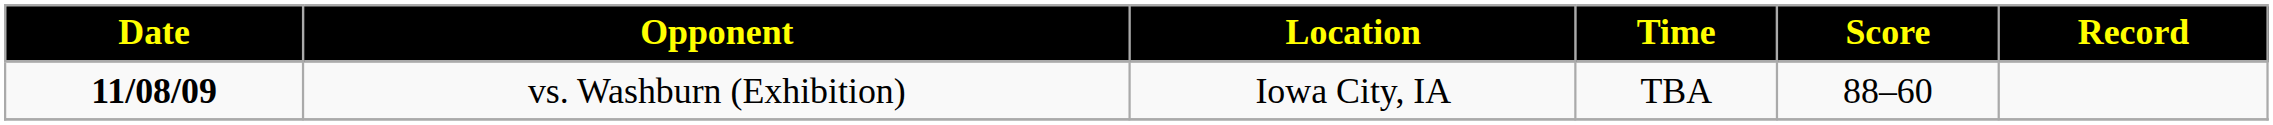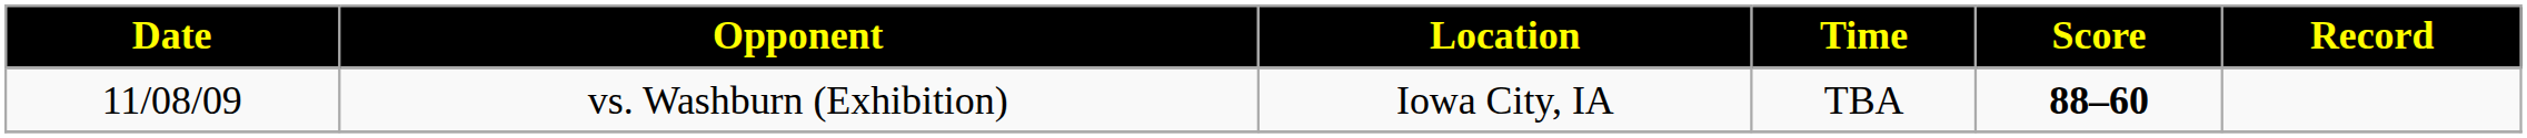 <table class="wikitable" width="80%">
 <tr align="center"  style=" background:black;color:yellow;">
 <td><strong>Date</strong></td>
 <td><strong>Opponent</strong></td>
 <td><strong>Location</strong></td>
 <td><strong>Time</strong></td>
 <td><strong>Score</strong></td>
 <td><strong>Record</strong></td>
 </tr>
 <tr align="center" bgcolor="">
-<td><strong>11/08/09</strong></td>
+<td>11/08/09</td>
 <td>vs. Washburn (Exhibition)</td>
 <td>Iowa City, IA</td>
 <td>TBA</td>
-<td>88–60</td>
+<td><strong>88–60</strong></td>
 <td></td>
 </tr>
 <tr align="center" bgcolor="">
 </tr>
 </table>
